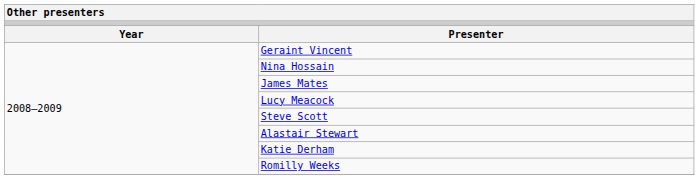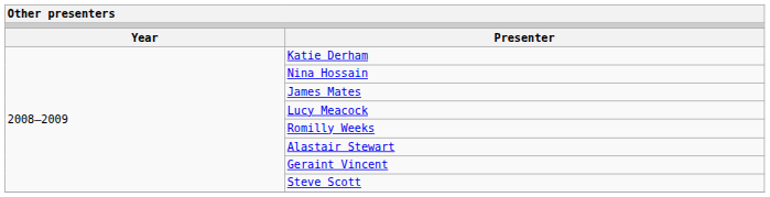 <table class="wikitable collapsible collapsed" style="width:70%;">
 <tr>
 <th colspan="2" style="text-align:left;">Other presenters</th>
 </tr>
 <tr style="background:#ccc;">
 <td colspan="2"></td>
 </tr>
 <tr>
 <th>Year</th>
 <th>Presenter</th>
 </tr>
 <tr>
 <td rowspan=8>2008–2009</td>
-<td><a href='#'>Geraint Vincent</a></td>
+<td><a href='#'>Katie Derham</a></td>
 </tr>
 <tr>
 <td><a href='#'>Nina Hossain</a></td>
 </tr>
 <tr>
 <td><a href='#'>James Mates</a></td>
 </tr>
 <tr>
 <td><a href='#'>Lucy Meacock</a></td>
 </tr>
 <tr>
-<td><a href='#'>Steve Scott</a></td>
+<td><a href='#'>Romilly Weeks</a></td>
 </tr>
 <tr>
 <td><a href='#'>Alastair Stewart</a></td>
 </tr>
 <tr>
-<td><a href='#'>Katie Derham</a></td>
+<td><a href='#'>Geraint Vincent</a></td>
 </tr>
 <tr>
-<td><a href='#'>Romilly Weeks</a></td>
+<td><a href='#'>Steve Scott</a></td>
 </tr>
 <tr>
 </tr>
 </table>
